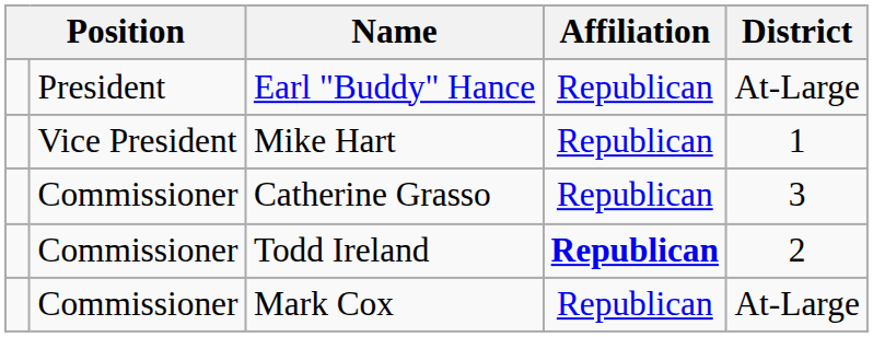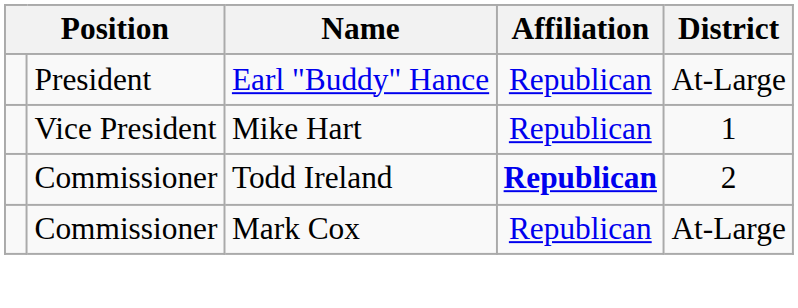 <table class=wikitable>
 <tr>
 <th colspan=2 align=center valign=bottom>Position</th>
 <th style="text-align:center;">Name</th>
 <th valign=bottom>Affiliation</th>
 <th valign=bottom align=center>District</th>
 </tr>
 <tr>
 <td style="background-color:"> </td>
 <td>President</td>
 <td><a href='#'>Earl "Buddy" Hance</a></td>
 <td style="text-align:center;"><a href='#'>Republican</a></td>
 <td style="text-align:center;">At-Large</td>
 </tr>
 <tr>
 <td style="background-color:"> </td>
 <td>Vice President</td>
 <td>Mike Hart</td>
 <td style="text-align:center;"><a href='#'>Republican</a></td>
 <td style="text-align:center;">1</td>
 </tr>
 <tr>
 <td style="background-color:"> </td>
 <td>Commissioner</td>
-<td>Catherine Grasso</td>
-<td style="text-align:center;"><a href='#'>Republican</a></td>
-<td style="text-align:center;">3</td>
-</tr>
-<tr>
-<td style="background-color:"> </td>
-<td>Commissioner</td>
 <td>Todd Ireland</td>
 <td style="text-align:center;"><strong><a href='#'>Republican</a></strong></td>
 <td style="text-align:center;">2</td>
 </tr>
 <tr>
 <td style="background-color:"> </td>
 <td>Commissioner</td>
 <td>Mark Cox</td>
 <td style="text-align:center;"><a href='#'>Republican</a></td>
 <td style="text-align:center;">At-Large</td>
 </tr>
 </table>
